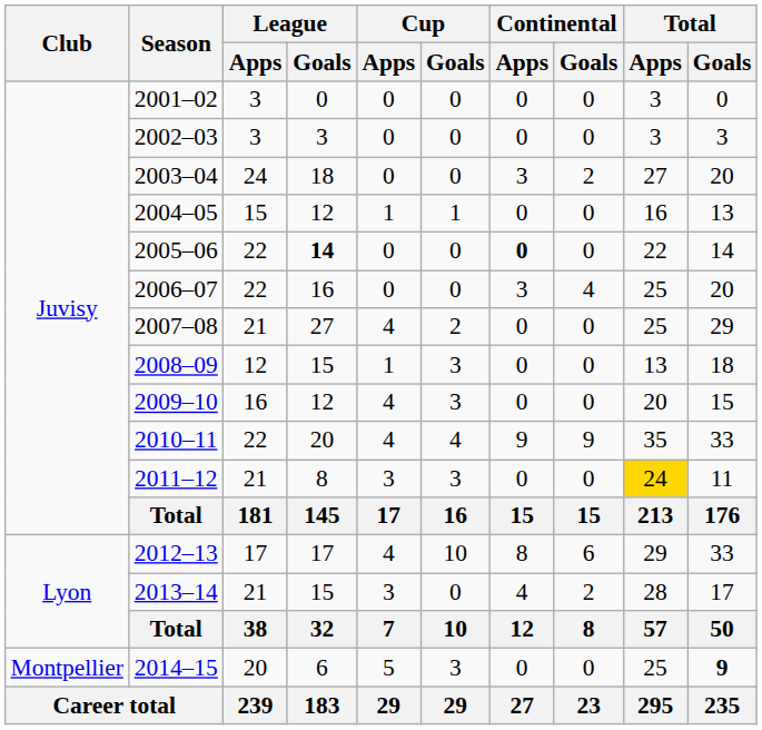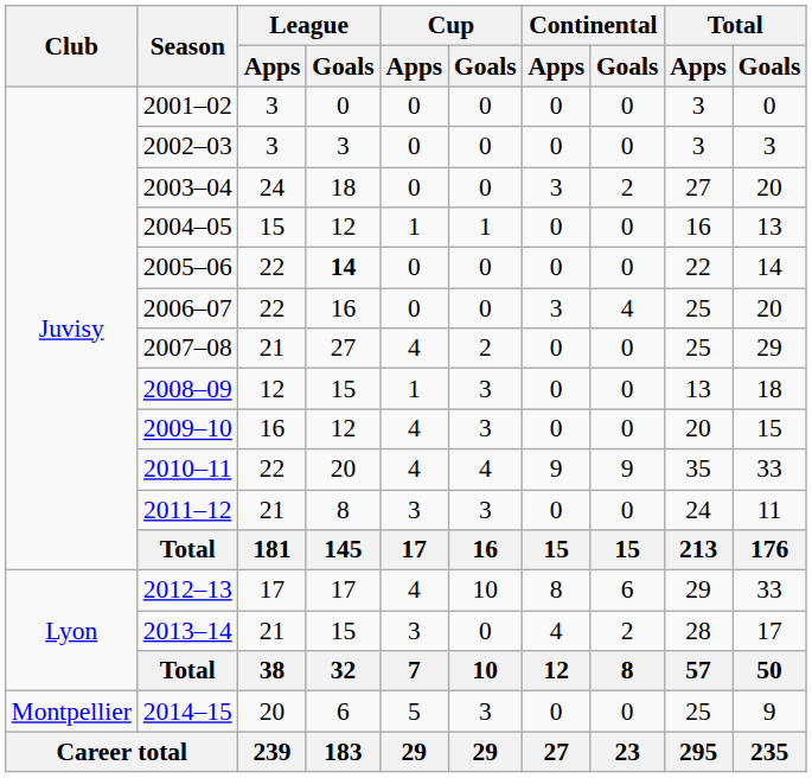 <table class="wikitable" style="text-align: center;">
 <tr>
 <th rowspan="2">Club</th>
 <th rowspan="2">Season</th>
 <th colspan="2">League</th>
 <th colspan="2">Cup</th>
 <th colspan="2">Continental</th>
 <th colspan="2">Total</th>
 </tr>
 <tr>
 <th>Apps</th>
 <th>Goals</th>
 <th>Apps</th>
 <th>Goals</th>
 <th>Apps</th>
 <th>Goals</th>
 <th>Apps</th>
 <th>Goals</th>
 </tr>
 <tr>
 <td rowspan="12" valign="center"><a href='#'>Juvisy</a></td>
 <td>2001–02</td>
 <td>3</td>
 <td>0</td>
 <td>0</td>
 <td>0</td>
 <td>0</td>
 <td>0</td>
 <td>3</td>
 <td>0</td>
 </tr>
 <tr>
 <td>2002–03</td>
 <td>3</td>
 <td>3</td>
 <td>0</td>
 <td>0</td>
 <td>0</td>
 <td>0</td>
 <td>3</td>
 <td>3</td>
 </tr>
 <tr>
 <td>2003–04</td>
 <td>24</td>
 <td>18</td>
 <td>0</td>
 <td>0</td>
 <td>3</td>
 <td>2</td>
 <td>27</td>
 <td>20</td>
 </tr>
 <tr>
 <td>2004–05</td>
 <td>15</td>
 <td>12</td>
 <td>1</td>
 <td>1</td>
 <td>0</td>
 <td>0</td>
 <td>16</td>
 <td>13</td>
 </tr>
 <tr>
 <td>2005–06</td>
 <td>22</td>
 <td><strong>14</strong></td>
 <td>0</td>
 <td>0</td>
-<td><strong>0</strong></td>
+<td>0</td>
 <td>0</td>
 <td>22</td>
 <td>14</td>
 </tr>
 <tr>
 <td>2006–07</td>
 <td>22</td>
 <td>16</td>
 <td>0</td>
 <td>0</td>
 <td>3</td>
 <td>4</td>
 <td>25</td>
 <td>20</td>
 </tr>
 <tr>
 <td>2007–08</td>
 <td>21</td>
 <td>27</td>
 <td>4</td>
 <td>2</td>
 <td>0</td>
 <td>0</td>
 <td>25</td>
 <td>29</td>
 </tr>
 <tr>
 <td><a href='#'>2008–09</a></td>
 <td>12</td>
 <td>15</td>
 <td>1</td>
 <td>3</td>
 <td>0</td>
 <td>0</td>
 <td>13</td>
 <td>18</td>
 </tr>
 <tr>
 <td><a href='#'>2009–10</a></td>
 <td>16</td>
 <td>12</td>
 <td>4</td>
 <td>3</td>
 <td>0</td>
 <td>0</td>
 <td>20</td>
 <td>15</td>
 </tr>
 <tr>
 <td><a href='#'>2010–11</a></td>
 <td>22</td>
 <td>20</td>
 <td>4</td>
 <td>4</td>
 <td>9</td>
 <td>9</td>
 <td>35</td>
 <td>33</td>
 </tr>
 <tr>
 <td><a href='#'>2011–12</a></td>
 <td>21</td>
 <td>8</td>
 <td>3</td>
 <td>3</td>
 <td>0</td>
 <td>0</td>
-<td style="background: gold;">24</td>
+<td>24</td>
 <td>11</td>
 </tr>
 <tr>
 <th>Total</th>
 <th>181</th>
 <th>145</th>
 <th>17</th>
 <th>16</th>
 <th>15</th>
 <th>15</th>
 <th>213</th>
 <th>176</th>
 </tr>
 <tr>
 <td rowspan="3" valign="center"><a href='#'>Lyon</a></td>
 <td><a href='#'>2012–13</a></td>
 <td>17</td>
 <td>17</td>
 <td>4</td>
 <td>10</td>
 <td>8</td>
 <td>6</td>
 <td>29</td>
 <td>33</td>
 </tr>
 <tr>
 <td><a href='#'>2013–14</a></td>
 <td>21</td>
 <td>15</td>
 <td>3</td>
 <td>0</td>
 <td>4</td>
 <td>2</td>
 <td>28</td>
 <td>17</td>
 </tr>
 <tr>
 <th>Total</th>
 <th>38</th>
 <th>32</th>
 <th>7</th>
 <th>10</th>
 <th>12</th>
 <th>8</th>
 <th>57</th>
 <th>50</th>
 </tr>
 <tr>
 <td><a href='#'>Montpellier</a></td>
 <td><a href='#'>2014–15</a></td>
 <td>20</td>
 <td>6</td>
 <td>5</td>
 <td>3</td>
 <td>0</td>
 <td>0</td>
 <td>25</td>
-<td><strong>9</strong></td>
+<td>9</td>
 </tr>
 <tr>
 <th colspan="2">Career total</th>
 <th>239</th>
 <th>183</th>
 <th>29</th>
 <th>29</th>
 <th>27</th>
 <th>23</th>
 <th>295</th>
 <th>235</th>
 </tr>
 </table>
